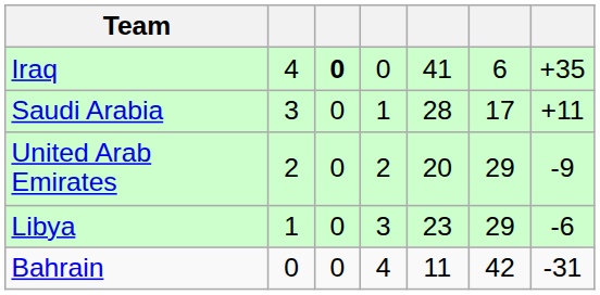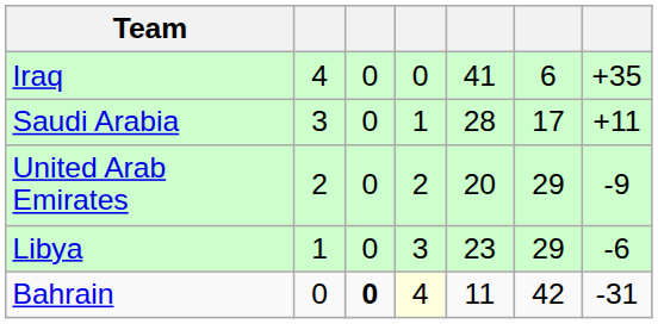 <table class="wikitable" style="text-align:center;">
 <tr>
 <th width=150>Team</th>
 <th width=20></th>
 <th width=20></th>
 <th width=20></th>
 <th width=30></th>
 <th width=30></th>
 <th width=30></th>
 </tr>
 <tr bgcolor="#ccffcc">
 <td align="left"> <a href='#'>Iraq</a></td>
 <td>4</td>
-<td><strong>0</strong></td>
+<td>0</td>
 <td>0</td>
 <td>41</td>
 <td>6</td>
 <td>+35</td>
 </tr>
 <tr bgcolor="#ccffcc">
 <td align="left"> <a href='#'>Saudi Arabia</a></td>
 <td>3</td>
 <td>0</td>
 <td>1</td>
 <td>28</td>
 <td>17</td>
 <td>+11</td>
 </tr>
 <tr bgcolor="#ccffcc">
 <td align="left"> <a href='#'>United Arab Emirates</a></td>
 <td>2</td>
 <td>0</td>
 <td>2</td>
 <td>20</td>
 <td>29</td>
 <td>-9</td>
 </tr>
 <tr bgcolor="#ccffcc">
 <td align="left"> <a href='#'>Libya</a></td>
 <td>1</td>
 <td>0</td>
 <td>3</td>
 <td>23</td>
 <td>29</td>
 <td>-6</td>
 </tr>
 <tr>
 <td align="left"> <a href='#'>Bahrain</a></td>
 <td>0</td>
-<td>0</td>
-<td>4</td>
+<td><strong>0</strong></td>
+<td style="background: lightyellow;">4</td>
 <td>11</td>
 <td>42</td>
 <td>-31</td>
 </tr>
 </table>
